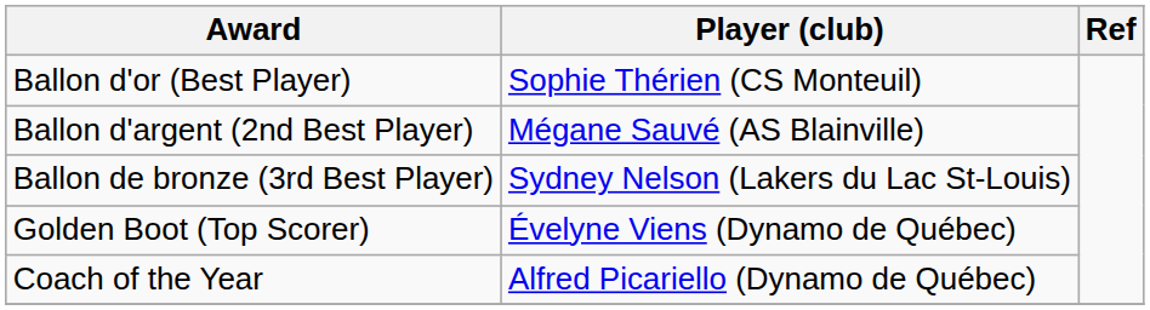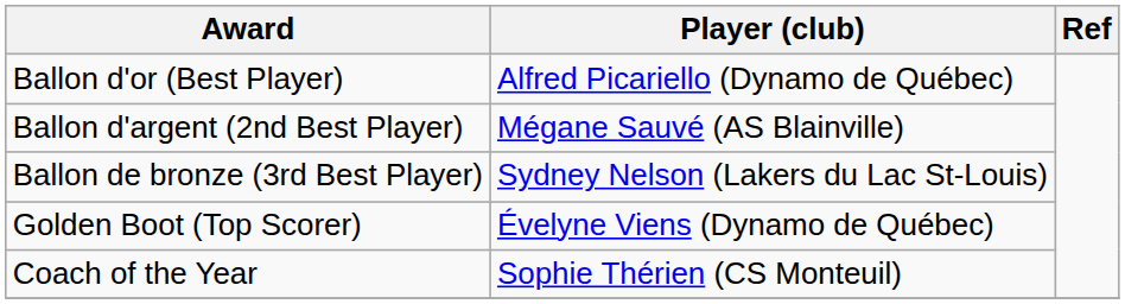 <table class="wikitable">
 <tr>
 <th>Award</th>
 <th>Player (club)</th>
 <th>Ref</th>
 </tr>
 <tr>
 <td>Ballon d'or (Best Player)</td>
-<td><a href='#'>Sophie Thérien</a> (CS Monteuil)</td>
+<td><a href='#'>Alfred Picariello</a> (Dynamo de Québec)</td>
 <td rowspan=5></td>
 </tr>
 <tr>
 <td>Ballon d'argent (2nd Best Player)</td>
 <td><a href='#'>Mégane Sauvé</a> (AS Blainville)</td>
 </tr>
 <tr>
 <td>Ballon de bronze (3rd Best Player)</td>
 <td><a href='#'>Sydney Nelson</a> (Lakers du Lac St-Louis)</td>
 </tr>
 <tr>
 <td>Golden Boot (Top Scorer)</td>
 <td><a href='#'>Évelyne Viens</a> (Dynamo de Québec)</td>
 </tr>
 <tr>
 <td>Coach of the Year</td>
-<td><a href='#'>Alfred Picariello</a> (Dynamo de Québec)</td>
+<td><a href='#'>Sophie Thérien</a> (CS Monteuil)</td>
 </tr>
 <tr>
 </tr>
 </table>
